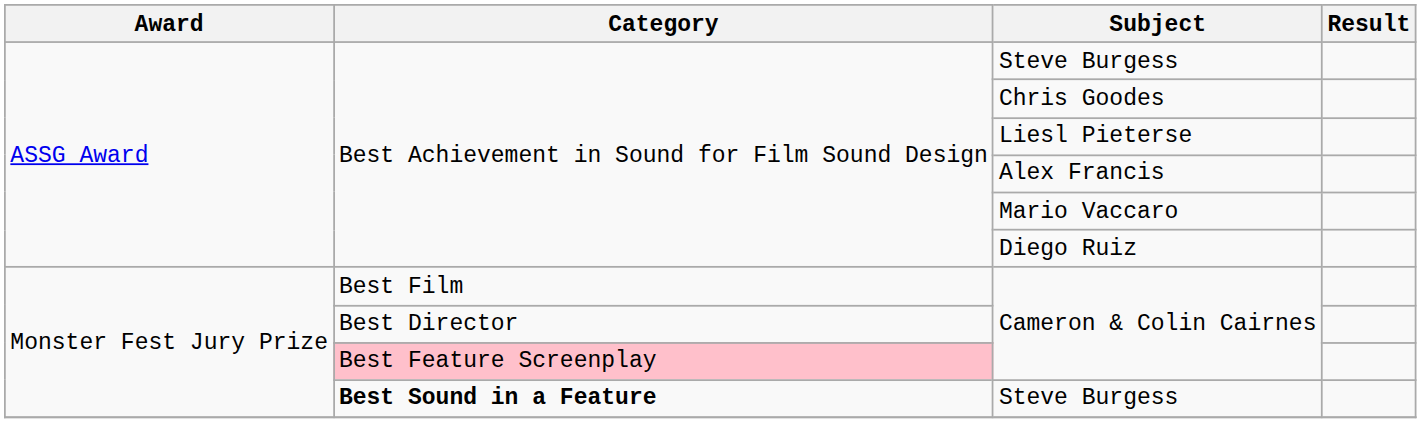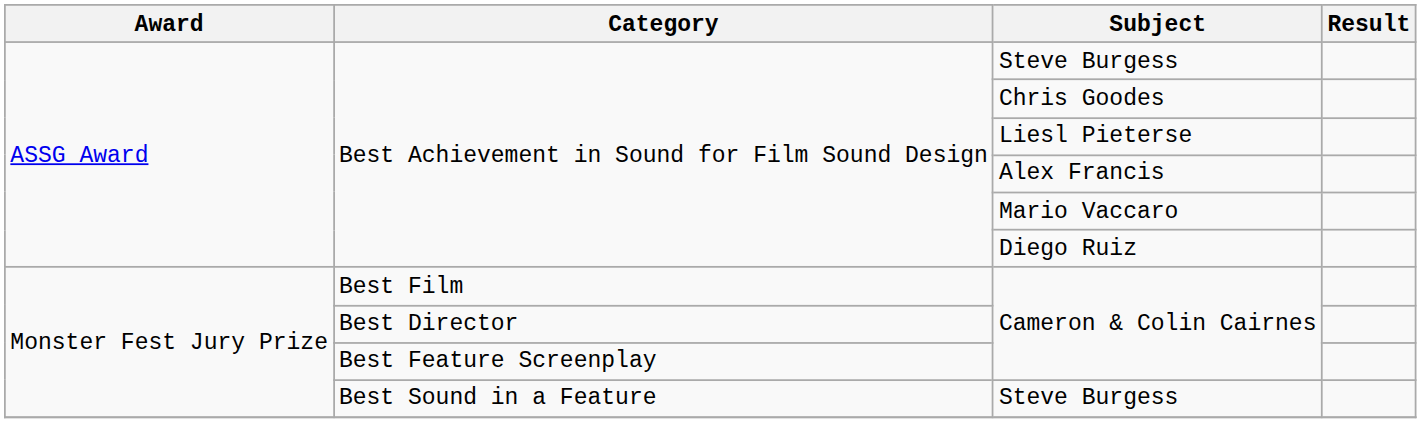 <table class="wikitable">
 <tr>
 <th>Award</th>
 <th>Category</th>
 <th>Subject</th>
 <th>Result</th>
 </tr>
 <tr>
 <td rowspan=6><a href='#'>ASSG Award</a></td>
 <td rowspan=6>Best Achievement in Sound for Film Sound Design</td>
 <td>Steve Burgess</td>
 <td></td>
 </tr>
 <tr>
 <td>Chris Goodes</td>
 <td></td>
 </tr>
 <tr>
 <td>Liesl Pieterse</td>
 <td></td>
 </tr>
 <tr>
 <td>Alex Francis</td>
 <td></td>
 </tr>
 <tr>
 <td>Mario Vaccaro</td>
 <td></td>
 </tr>
 <tr>
 <td>Diego Ruiz</td>
 <td></td>
 </tr>
 <tr>
 <td rowspan=4>Monster Fest Jury Prize</td>
 <td>Best Film</td>
 <td rowspan=3>Cameron & Colin Cairnes</td>
 <td></td>
 </tr>
 <tr>
 <td>Best Director</td>
 <td></td>
 </tr>
 <tr>
-<td style="background: pink;">Best Feature Screenplay</td>
+<td>Best Feature Screenplay</td>
 <td></td>
 </tr>
 <tr>
-<td><strong>Best Sound in a Feature</strong></td>
+<td>Best Sound in a Feature</td>
 <td>Steve Burgess</td>
 <td></td>
 </tr>
 <tr>
 </tr>
 </table>
